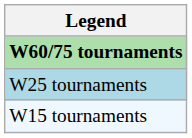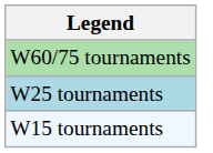 <table class=wikitable style="font-size:85%">
 <tr>
 <th>Legend</th>
 </tr>
 <tr style="background:#addfad;">
-<td><strong>W60/75 tournaments</strong></td>
+<td>W60/75 tournaments</td>
 </tr>
 <tr style="background:lightblue;">
 <td>W25 tournaments</td>
 </tr>
 <tr style="background:#f0f8ff;">
 <td>W15 tournaments</td>
 </tr>
 </table>
